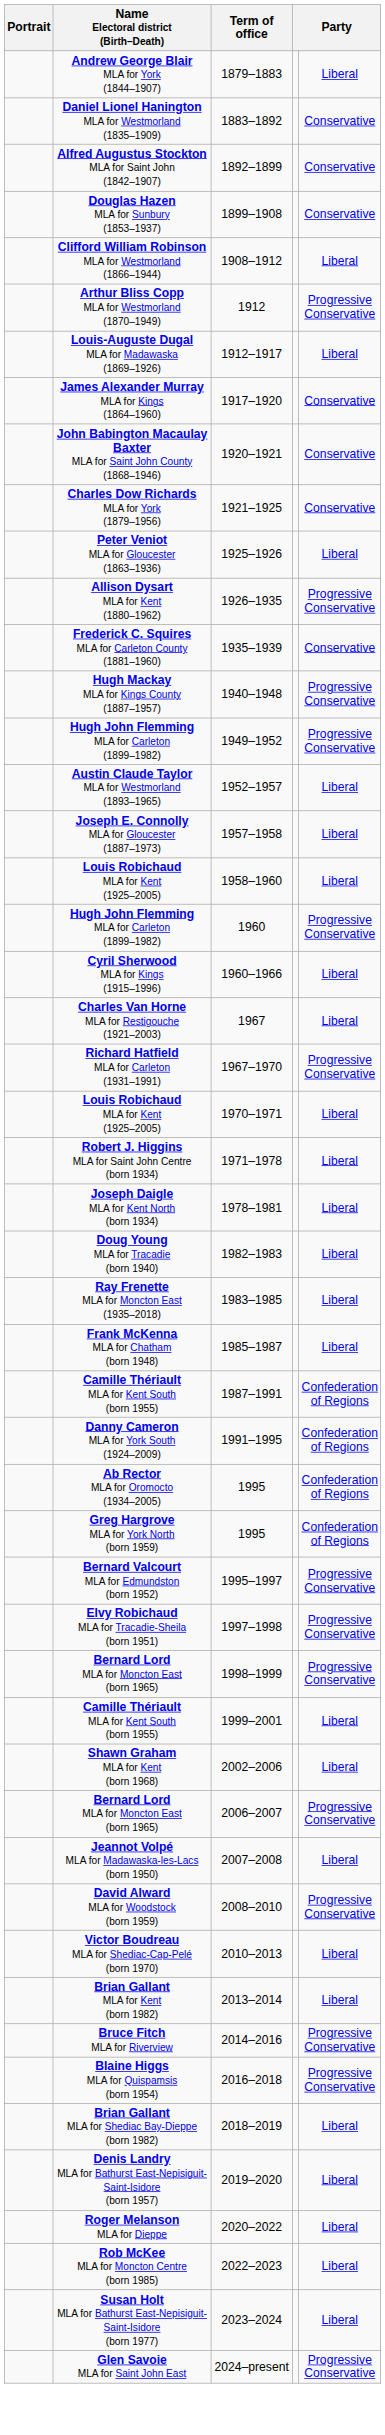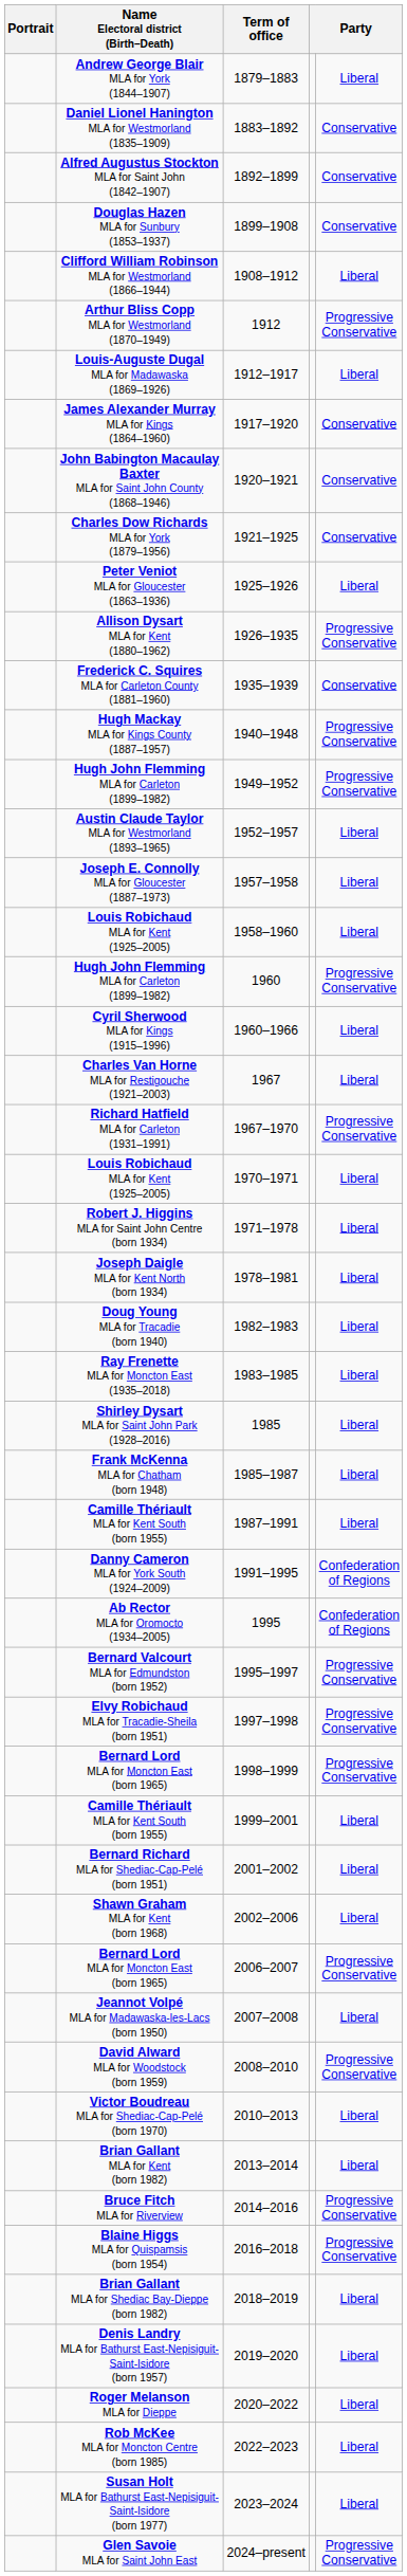 <table class="wikitable" style="text-align:center">
 <tr>
 <th scope="col">Portrait</th>
 <th scope="col" width="200px">Name<br><small>Electoral district<br>(Birth–Death)</small></th>
 <th scope="col" width="100px">Term of office</th>
 <th colspan="2">Party</th>
 </tr>
 <tr>
 <td></td>
 <td><strong><a href='#'>Andrew George Blair</a></strong><br><small>MLA for <a href='#'>York</a></small><br><small>(1844–1907)</small></td>
 <td>1879–1883</td>
 <td style="width:1px; background:"></td>
 <td width="100px"><a href='#'>Liberal</a></td>
 </tr>
 <tr>
 <td></td>
 <td><strong><a href='#'>Daniel Lionel Hanington</a></strong><br><small>MLA for <a href='#'>Westmorland</a></small><br><small>(1835–1909)</small></td>
 <td>1883–1892</td>
 <td style="width:1px; background:"></td>
 <td><a href='#'>Conservative</a></td>
 </tr>
 <tr>
 <td></td>
 <td><strong><a href='#'>Alfred Augustus Stockton</a></strong><br><small>MLA for Saint John</small><br><small>(1842–1907)</small></td>
 <td>1892–1899</td>
 <td style="width:1px; background:"></td>
 <td><a href='#'>Conservative</a></td>
 </tr>
 <tr>
 <td></td>
 <td><strong><a href='#'>Douglas Hazen</a></strong><br><small>MLA for <a href='#'>Sunbury</a></small><br><small>(1853–1937)</small></td>
 <td>1899–1908</td>
 <td style="width:1px; background:"></td>
 <td><a href='#'>Conservative</a></td>
 </tr>
 <tr>
 <td></td>
 <td><strong><a href='#'>Clifford William Robinson</a></strong><br><small>MLA for <a href='#'>Westmorland</a></small><br><small>(1866–1944)</small></td>
 <td>1908–1912</td>
 <td style="width:1px; background:"></td>
 <td><a href='#'>Liberal</a></td>
 </tr>
 <tr>
 <td></td>
 <td><strong><a href='#'>Arthur Bliss Copp</a></strong><br><small>MLA for <a href='#'>Westmorland</a></small><br><small>(1870–1949)</small></td>
 <td>1912</td>
 <td style="width:1px; background:"></td>
 <td><a href='#'>Progressive Conservative</a></td>
 </tr>
 <tr>
 <td></td>
 <td><strong><a href='#'>Louis-Auguste Dugal</a></strong><br><small>MLA for <a href='#'>Madawaska</a></small><br><small>(1869–1926)</small></td>
 <td>1912–1917</td>
 <td style="width:1px; background:"></td>
 <td><a href='#'>Liberal</a></td>
 </tr>
 <tr>
 <td></td>
 <td><strong><a href='#'>James Alexander Murray</a></strong><br><small>MLA for <a href='#'>Kings</a></small><br><small>(1864–1960)</small></td>
 <td>1917–1920</td>
 <td style="width:1px; background:"></td>
 <td><a href='#'>Conservative</a></td>
 </tr>
 <tr>
 <td></td>
 <td><strong><a href='#'>John Babington Macaulay Baxter</a></strong><br><small>MLA for <a href='#'>Saint John County</a></small><br><small>(1868–1946)</small></td>
 <td>1920–1921</td>
 <td style="width:1px; background:"></td>
 <td><a href='#'>Conservative</a></td>
 </tr>
 <tr>
 <td></td>
 <td><strong><a href='#'>Charles Dow Richards</a></strong><br><small>MLA for <a href='#'>York</a></small><br><small>(1879–1956)</small></td>
 <td>1921–1925</td>
 <td style="width:1px; background:"></td>
 <td><a href='#'>Conservative</a></td>
 </tr>
 <tr>
 <td></td>
 <td><strong><a href='#'>Peter Veniot</a></strong><br><small>MLA for <a href='#'>Gloucester</a></small><br><small>(1863–1936)</small></td>
 <td>1925–1926</td>
 <td style="width:1px; background:"></td>
 <td><a href='#'>Liberal</a></td>
 </tr>
 <tr>
 <td></td>
 <td><strong><a href='#'>Allison Dysart</a></strong><br><small>MLA for <a href='#'>Kent</a></small><br><small>(1880–1962)</small></td>
 <td>1926–1935</td>
 <td style="width:1px; background:"></td>
 <td><a href='#'>Progressive Conservative</a></td>
 </tr>
 <tr>
 <td></td>
 <td><strong><a href='#'>Frederick C. Squires</a></strong><br><small>MLA for <a href='#'>Carleton County</a></small><br><small>(1881–1960)</small></td>
 <td>1935–1939</td>
 <td style="width:1px; background:"></td>
 <td><a href='#'>Conservative</a></td>
 </tr>
 <tr>
 <td></td>
 <td><a href='#'><strong>Hugh Mackay</strong></a><br><small>MLA for <a href='#'>Kings County</a></small><br><small>(1887–1957)</small></td>
 <td>1940–1948</td>
 <td style="width:1px; background:"></td>
 <td><a href='#'>Progressive Conservative</a></td>
 </tr>
 <tr>
 <td></td>
 <td><strong><a href='#'>Hugh John Flemming</a></strong><br><small>MLA for <a href='#'>Carleton</a></small><br><small>(1899–1982)</small></td>
 <td>1949–1952</td>
 <td style="width:1px; background:"></td>
 <td><a href='#'>Progressive Conservative</a></td>
 </tr>
 <tr>
 <td></td>
 <td><strong><a href='#'>Austin Claude Taylor</a></strong><br><small>MLA for <a href='#'>Westmorland</a></small><br><small>(1893–1965)</small></td>
 <td>1952–1957</td>
 <td style="width:1px; background:"></td>
 <td><a href='#'>Liberal</a></td>
 </tr>
 <tr>
 <td></td>
 <td><strong><a href='#'>Joseph E. Connolly</a></strong><br><small>MLA for <a href='#'>Gloucester</a></small><br><small>(1887–1973)</small></td>
 <td>1957–1958</td>
 <td style="width:1px; background:"></td>
 <td><a href='#'>Liberal</a></td>
 </tr>
 <tr>
 <td></td>
 <td><strong><a href='#'>Louis Robichaud</a></strong><br><small>MLA for <a href='#'>Kent</a></small><br><small>(1925–2005)</small></td>
 <td>1958–1960</td>
 <td style="width:1px; background:"></td>
 <td><a href='#'>Liberal</a></td>
 </tr>
 <tr>
 <td></td>
 <td><strong><a href='#'>Hugh John Flemming</a></strong><br><small>MLA for <a href='#'>Carleton</a></small><br><small>(1899–1982)</small></td>
 <td>1960</td>
 <td style="width:1px; background:"></td>
 <td><a href='#'>Progressive Conservative</a></td>
 </tr>
 <tr>
 <td></td>
 <td><strong><a href='#'>Cyril Sherwood</a></strong><br><small>MLA for <a href='#'>Kings</a></small><br><small>(1915–1996)</small></td>
 <td>1960–1966</td>
 <td style="width:1px; background:"></td>
 <td><a href='#'>Liberal</a></td>
 </tr>
 <tr>
 <td></td>
 <td><strong><a href='#'>Charles Van Horne</a></strong><br><small>MLA for <a href='#'>Restigouche</a></small><br><small>(1921–2003)</small></td>
 <td>1967</td>
 <td style="width:1px; background:"></td>
 <td><a href='#'>Liberal</a></td>
 </tr>
 <tr>
 <td></td>
 <td><strong><a href='#'>Richard Hatfield</a></strong><br><small>MLA for <a href='#'>Carleton</a></small><br><small>(1931–1991)</small></td>
 <td>1967–1970</td>
 <td style="width:1px; background:"></td>
 <td><a href='#'>Progressive Conservative</a></td>
 </tr>
 <tr>
 <td></td>
 <td><strong><a href='#'>Louis Robichaud</a></strong><br><small>MLA for <a href='#'>Kent</a></small><br><small>(1925–2005)</small></td>
 <td>1970–1971</td>
 <td style="width:1px; background:"></td>
 <td><a href='#'>Liberal</a></td>
 </tr>
 <tr>
 <td></td>
 <td><strong><a href='#'>Robert J. Higgins</a></strong><br><small>MLA for Saint John Centre</small><br><small>(born 1934)</small></td>
 <td>1971–1978</td>
 <td style="width:1px; background:"></td>
 <td><a href='#'>Liberal</a></td>
 </tr>
 <tr>
 <td></td>
 <td><a href='#'><strong>Joseph Daigle</strong></a><br><small>MLA for <a href='#'>Kent North</a></small><br><small>(born 1934)</small></td>
 <td>1978–1981</td>
 <td style="width:1px; background:"></td>
 <td><a href='#'>Liberal</a></td>
 </tr>
 <tr>
 <td></td>
 <td><a href='#'><strong>Doug Young</strong></a><br><small>MLA for <a href='#'>Tracadie</a></small><br><small>(born 1940)</small></td>
 <td>1982–1983</td>
 <td style="width:1px; background:"></td>
 <td><a href='#'>Liberal</a></td>
 </tr>
 <tr>
 <td></td>
 <td><strong><a href='#'>Ray Frenette</a></strong><br><small>MLA for <a href='#'>Moncton East</a></small><br><small>(1935–2018)</small></td>
 <td>1983–1985</td>
 <td style="width:1px; background:"></td>
 <td><a href='#'>Liberal</a></td>
 </tr>
 <tr>
 <td></td>
+<td><strong><a href='#'>Shirley Dysart</a></strong><br><small>MLA for <a href='#'>Saint John Park</a></small><br><small>(1928–2016)</small></td>
+<td>1985</td>
+<td style="width:1px; background:"></td>
+<td><a href='#'>Liberal</a></td>
+</tr>
+<tr>
+<td></td>
 <td><strong><a href='#'>Frank McKenna</a></strong><br><small>MLA for <a href='#'>Chatham</a></small><br><small>(born 1948)</small></td>
 <td>1985–1987</td>
 <td style="width:1px; background:"></td>
 <td><a href='#'>Liberal</a></td>
 </tr>
 <tr>
 <td></td>
 <td><strong><a href='#'>Camille Thériault</a></strong><br><small>MLA for <a href='#'>Kent South</a></small><br><small>(born 1955)</small></td>
 <td>1987–1991</td>
 <td style="width:1px; background:"></td>
-<td><a href='#'>Confederation of Regions</a></td>
+<td><a href='#'>Liberal</a></td>
 </tr>
 <tr>
 <td></td>
 <td><a href='#'><strong>Danny Cameron</strong></a><br><small>MLA for <a href='#'>York South</a></small><br><small>(1924–2009)</small></td>
 <td>1991–1995</td>
 <td style="width:1px; background:"></td>
 <td><a href='#'>Confederation of Regions</a></td>
 </tr>
 <tr>
 <td></td>
 <td><strong><a href='#'>Ab Rector</a></strong><br><small>MLA for <a href='#'>Oromocto</a></small><br><small>(1934–2005)</small></td>
-<td>1995</td>
-<td style="width:1px; background:"></td>
-<td><a href='#'>Confederation of Regions</a></td>
-</tr>
-<tr>
-<td></td>
-<td><strong><a href='#'>Greg Hargrove</a></strong><br><small>MLA for <a href='#'>York North</a></small><br><small>(born 1959)</small></td>
 <td>1995</td>
 <td style="width:1px; background:"></td>
 <td><a href='#'>Confederation of Regions</a></td>
 </tr>
 <tr>
 <td></td>
 <td><strong><a href='#'>Bernard Valcourt</a></strong><br><small>MLA for <a href='#'>Edmundston</a></small><br><small>(born 1952)</small></td>
 <td>1995–1997</td>
 <td style="width:1px; background:"></td>
 <td><a href='#'>Progressive Conservative</a></td>
 </tr>
 <tr>
 <td></td>
 <td><strong><a href='#'>Elvy Robichaud</a></strong><br><small>MLA for <a href='#'>Tracadie-Sheila</a></small><br><small>(born 1951)</small></td>
 <td>1997–1998</td>
 <td style="width:1px; background:"></td>
 <td><a href='#'>Progressive Conservative</a></td>
 </tr>
 <tr>
 <td></td>
 <td><strong><a href='#'>Bernard Lord</a></strong><br><small>MLA for <a href='#'>Moncton East</a></small><br><small>(born 1965)</small></td>
 <td>1998–1999</td>
 <td style="width:1px; background:"></td>
 <td><a href='#'>Progressive Conservative</a></td>
 </tr>
 <tr>
 <td></td>
 <td><strong><a href='#'>Camille Thériault</a></strong><br><small>MLA for <a href='#'>Kent South</a></small><br><small>(born 1955)</small></td>
 <td>1999–2001</td>
+<td style="width:1px; background:"></td>
+<td><a href='#'>Liberal</a></td>
+</tr>
+<tr>
+<td></td>
+<td><strong><a href='#'>Bernard Richard</a></strong><br><small>MLA for <a href='#'>Shediac-Cap-Pelé</a></small><br><small>(born 1951)</small></td>
+<td>2001–2002</td>
 <td style="width:1px; background:"></td>
 <td><a href='#'>Liberal</a></td>
 </tr>
 <tr>
 <td></td>
 <td><strong><a href='#'>Shawn Graham</a></strong><br><small>MLA for <a href='#'>Kent</a></small><br><small>(born 1968)</small></td>
 <td>2002–2006</td>
 <td style="width:1px; background:"></td>
 <td><a href='#'>Liberal</a></td>
 </tr>
 <tr>
 <td></td>
 <td><strong><a href='#'>Bernard Lord</a></strong><br><small>MLA for <a href='#'>Moncton East</a></small><br><small>(born 1965)</small></td>
 <td>2006–2007</td>
 <td style="width:1px; background:"></td>
 <td><a href='#'>Progressive Conservative</a></td>
 </tr>
 <tr>
 <td></td>
 <td><strong><a href='#'>Jeannot Volpé</a></strong><br><small>MLA for <a href='#'>Madawaska-les-Lacs</a></small><br><small>(born 1950)</small></td>
 <td>2007–2008</td>
 <td style="width:1px; background:"></td>
 <td><a href='#'>Liberal</a></td>
 </tr>
 <tr>
 <td></td>
 <td><strong><a href='#'>David Alward</a></strong><br><small>MLA for <a href='#'>Woodstock</a></small><br><small>(born 1959)</small></td>
 <td>2008–2010</td>
 <td style="width:1px; background:"></td>
 <td><a href='#'>Progressive Conservative</a></td>
 </tr>
 <tr>
 <td></td>
 <td><strong><a href='#'>Victor Boudreau</a></strong><br><small>MLA for <a href='#'>Shediac-Cap-Pelé</a></small><br><small>(born 1970)</small></td>
 <td>2010–2013</td>
 <td style="width:1px; background:"></td>
 <td><a href='#'>Liberal</a></td>
 </tr>
 <tr>
 <td></td>
 <td><strong><a href='#'>Brian Gallant</a></strong><br><small>MLA for <a href='#'>Kent</a></small><br><small>(born 1982)</small></td>
 <td>2013–2014</td>
 <td style="width:1px; background:"></td>
 <td><a href='#'>Liberal</a></td>
 </tr>
 <tr>
 <td></td>
 <td><strong><a href='#'>Bruce Fitch</a></strong><br><small>MLA for <a href='#'>Riverview</a></small></td>
 <td>2014–2016</td>
 <td style="width:1px; background:"></td>
 <td><a href='#'>Progressive Conservative</a></td>
 </tr>
 <tr>
 <td></td>
 <td><strong><a href='#'>Blaine Higgs</a></strong><br><small>MLA for <a href='#'>Quispamsis</a></small><br><small>(born 1954)</small></td>
 <td>2016–2018</td>
 <td style="width:1px; background:"></td>
 <td><a href='#'>Progressive Conservative</a></td>
 </tr>
 <tr>
 <td></td>
 <td><strong><a href='#'>Brian Gallant</a></strong><br><small>MLA for <a href='#'>Shediac Bay-Dieppe</a></small><br><small>(born 1982)</small></td>
 <td>2018–2019</td>
 <td style="width:1px; background:"></td>
 <td><a href='#'>Liberal</a></td>
 </tr>
 <tr>
 <td></td>
 <td><strong><a href='#'>Denis Landry</a></strong><br><small>MLA for <a href='#'>Bathurst East-Nepisiguit-Saint-Isidore</a></small><br><small>(born 1957)</small></td>
 <td>2019–2020</td>
 <td style="width:1px; background:"></td>
 <td><a href='#'>Liberal</a></td>
 </tr>
 <tr>
 <td></td>
 <td><strong><a href='#'>Roger Melanson</a></strong><br><small>MLA for <a href='#'>Dieppe</a></small></td>
 <td>2020–2022</td>
 <td style="width:1px; background:"></td>
 <td><a href='#'>Liberal</a></td>
 </tr>
 <tr>
 <td></td>
 <td><strong><a href='#'>Rob McKee</a></strong><br><small>MLA for <a href='#'>Moncton Centre</a></small><br><small>(born 1985)</small></td>
 <td>2022–2023</td>
 <td style="width:1px; background:"></td>
 <td><a href='#'>Liberal</a></td>
 </tr>
 <tr>
 <td></td>
 <td><strong><a href='#'>Susan Holt</a></strong><br><small>MLA for <a href='#'>Bathurst East-Nepisiguit-Saint-Isidore</a></small><br><small>(born 1977)</small></td>
 <td>2023–2024</td>
 <td style="width:1px; background:"></td>
 <td><a href='#'>Liberal</a></td>
 </tr>
 <tr>
 <td></td>
 <td><strong><a href='#'>Glen Savoie</a></strong><br><small>MLA for <a href='#'>Saint John East</a></small><br><small></small></td>
 <td>2024–present</td>
 <td style="width:1px; background:"></td>
 <td><a href='#'>Progressive Conservative</a></td>
 </tr>
 </table>
